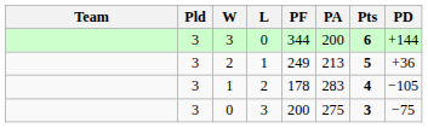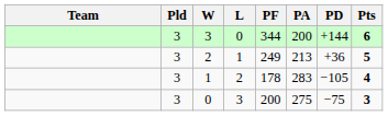 <table class=wikitable style="text-align:center">
 <tr>
 <th width=180>Team</th>
 <th width=30>Pld</th>
 <th width=30>W</th>
 <th width=30>L</th>
 <th width=30>PF</th>
 <th width=30>PA</th>
+<th width=30>PD</th>
 <th width=30>Pts</th>
-<th width=30>PD</th>
 </tr>
 <tr bgcolor="#ccffcc">
 <td align="left"></td>
 <td>3</td>
 <td>3</td>
 <td>0</td>
 <td>344</td>
 <td>200</td>
+<td>+144</td>
 <td><strong>6</strong></td>
-<td>+144</td>
 </tr>
 <tr>
 <td align="left"></td>
 <td>3</td>
 <td>2</td>
 <td>1</td>
 <td>249</td>
 <td>213</td>
+<td>+36</td>
 <td><strong>5</strong></td>
-<td>+36</td>
 </tr>
 <tr>
 <td align="left"></td>
 <td>3</td>
 <td>1</td>
 <td>2</td>
 <td>178</td>
 <td>283</td>
+<td>−105</td>
 <td><strong>4</strong></td>
-<td>−105</td>
 </tr>
 <tr>
 <td align="left"></td>
 <td>3</td>
 <td>0</td>
 <td>3</td>
 <td>200</td>
 <td>275</td>
+<td>−75</td>
 <td><strong>3</strong></td>
-<td>−75</td>
 </tr>
 </table>
